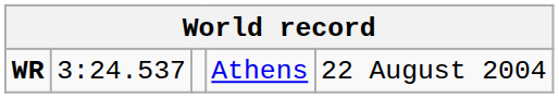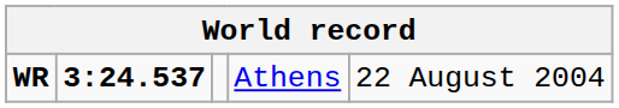 <table class="wikitable">
 <tr>
 <th colspan=5>World record</th>
 </tr>
 <tr>
 <td><strong>WR</strong></td>
-<td>3:24.537</td>
+<td><strong>3:24.537</strong></td>
 <td></td>
 <td><a href='#'>Athens</a> </td>
 <td>22 August 2004</td>
 </tr>
 </table>
